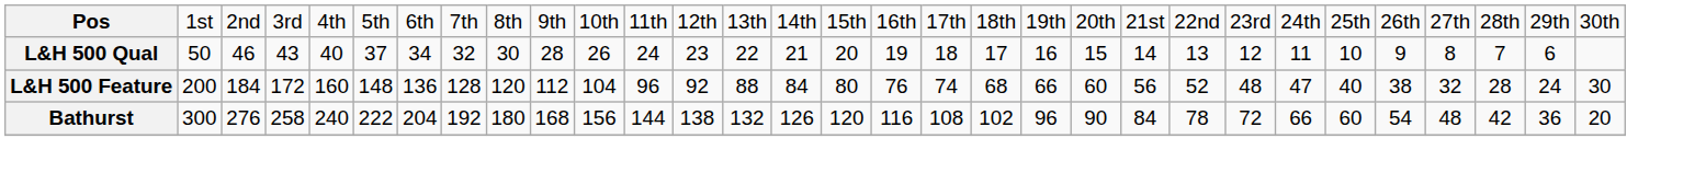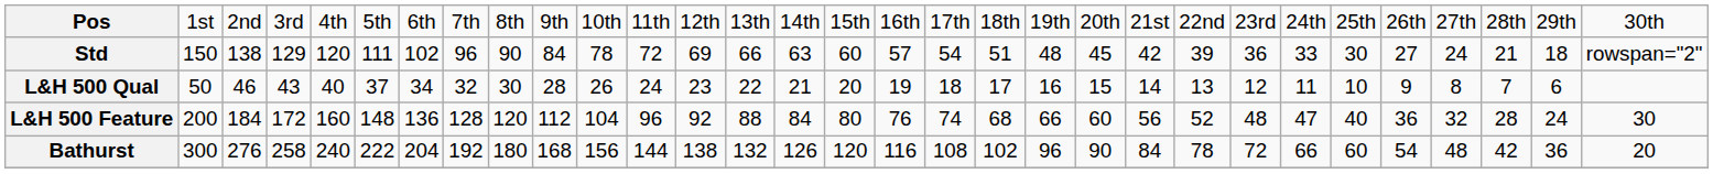 <table class="wikitable" style="font-size:85%; text-align:center">
 <tr style="background:#f9f9f9">
 <th valign="middle">Pos</th>
 <td>1st</td>
 <td>2nd</td>
 <td>3rd</td>
 <td>4th</td>
 <td>5th</td>
 <td>6th</td>
 <td>7th</td>
 <td>8th</td>
 <td>9th</td>
 <td>10th</td>
 <td>11th</td>
 <td>12th</td>
 <td>13th</td>
 <td>14th</td>
 <td>15th</td>
 <td>16th</td>
 <td>17th</td>
 <td>18th</td>
 <td>19th</td>
 <td>20th</td>
 <td>21st</td>
 <td>22nd</td>
 <td>23rd</td>
 <td>24th</td>
 <td>25th</td>
 <td>26th</td>
 <td>27th</td>
 <td>28th</td>
 <td>29th</td>
 <td>30th</td>
+</tr>
+<tr>
+<th valign="middle">Std</th>
+<td>150</td>
+<td>138</td>
+<td>129</td>
+<td>120</td>
+<td>111</td>
+<td>102</td>
+<td>96</td>
+<td>90</td>
+<td>84</td>
+<td>78</td>
+<td>72</td>
+<td>69</td>
+<td>66</td>
+<td>63</td>
+<td>60</td>
+<td>57</td>
+<td>54</td>
+<td>51</td>
+<td>48</td>
+<td>45</td>
+<td>42</td>
+<td>39</td>
+<td>36</td>
+<td>33</td>
+<td>30</td>
+<td>27</td>
+<td>24</td>
+<td>21</td>
+<td>18</td>
+<td>rowspan="2" </td>
 </tr>
 <tr>
 <th valign="middle">L&H 500 Qual</th>
 <td>50</td>
 <td>46</td>
 <td>43</td>
 <td>40</td>
 <td>37</td>
 <td>34</td>
 <td>32</td>
 <td>30</td>
 <td>28</td>
 <td>26</td>
 <td>24</td>
 <td>23</td>
 <td>22</td>
 <td>21</td>
 <td>20</td>
 <td>19</td>
 <td>18</td>
 <td>17</td>
 <td>16</td>
 <td>15</td>
 <td>14</td>
 <td>13</td>
 <td>12</td>
 <td>11</td>
 <td>10</td>
 <td>9</td>
 <td>8</td>
 <td>7</td>
 <td>6</td>
 </tr>
 <tr>
 <th valign="middle">L&H 500 Feature</th>
 <td>200</td>
 <td>184</td>
 <td>172</td>
 <td>160</td>
 <td>148</td>
 <td>136</td>
 <td>128</td>
 <td>120</td>
 <td>112</td>
 <td>104</td>
 <td>96</td>
 <td>92</td>
 <td>88</td>
 <td>84</td>
 <td>80</td>
 <td>76</td>
 <td>74</td>
 <td>68</td>
 <td>66</td>
 <td>60</td>
 <td>56</td>
 <td>52</td>
 <td>48</td>
 <td>47</td>
 <td>40</td>
-<td>38</td>
+<td>36</td>
 <td>32</td>
 <td>28</td>
 <td>24</td>
 <td>30</td>
 </tr>
 <tr>
 <th valign="middle">Bathurst</th>
 <td>300</td>
 <td>276</td>
 <td>258</td>
 <td>240</td>
 <td>222</td>
 <td>204</td>
 <td>192</td>
 <td>180</td>
 <td>168</td>
 <td>156</td>
 <td>144</td>
 <td>138</td>
 <td>132</td>
 <td>126</td>
 <td>120</td>
 <td>116</td>
 <td>108</td>
 <td>102</td>
 <td>96</td>
 <td>90</td>
 <td>84</td>
 <td>78</td>
 <td>72</td>
 <td>66</td>
 <td>60</td>
 <td>54</td>
 <td>48</td>
 <td>42</td>
 <td>36</td>
 <td>20</td>
 </tr>
 <tr>
 </tr>
 </table>
